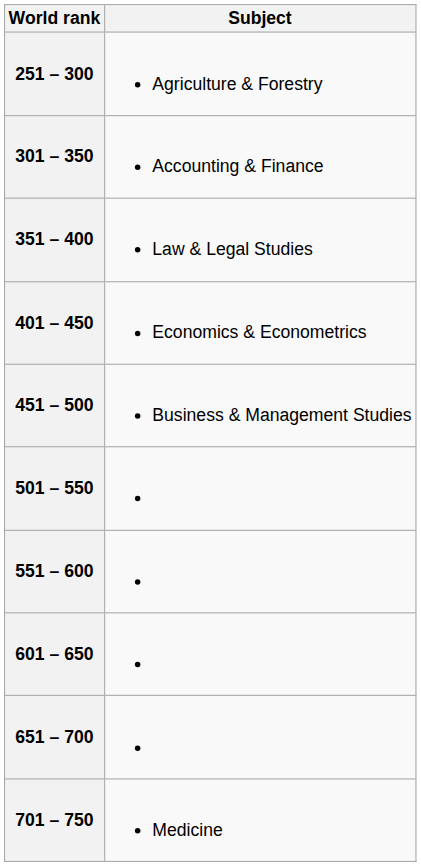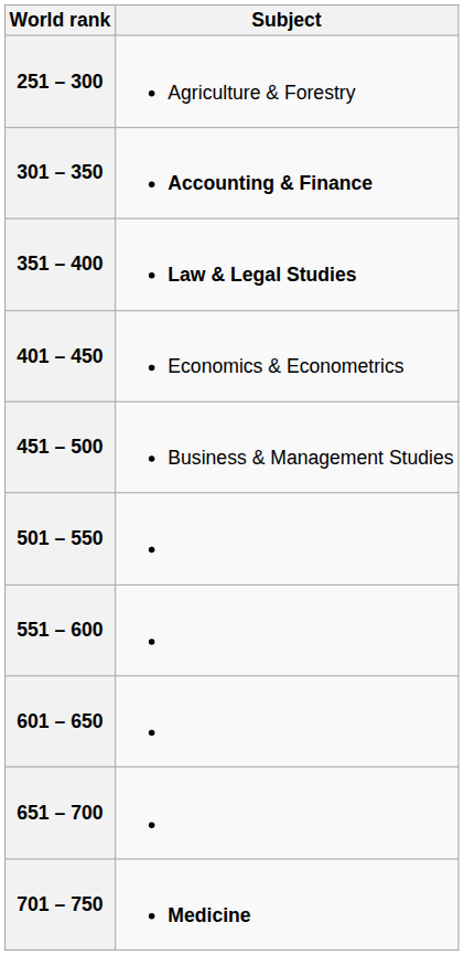 <table class="wikitable">
 <tr>
 <th>World rank</th>
 <th>Subject</th>
 </tr>
 <tr>
 <th><strong>251 – 300</strong></th>
 <td><br><ul><li>Agriculture & Forestry</li></ul></td>
 </tr>
 <tr>
 <th><strong>301 – 350</strong></th>
-<td><br><ul><li>Accounting & Finance</li></ul></td>
+<td><strong><br><ul><li>Accounting & Finance</li></ul></strong></td>
 </tr>
 <tr>
 <th><strong>351 – 400</strong></th>
-<td><br><ul><li>Law & Legal Studies</li></ul></td>
+<td><strong><br><ul><li>Law & Legal Studies</li></ul></strong></td>
 </tr>
 <tr>
 <th><strong>401 – 450</strong></th>
 <td><br><ul><li>Economics & Econometrics</li></ul></td>
 </tr>
 <tr>
 <th><strong>451 – 500</strong></th>
 <td><br><ul><li>Business & Management Studies</li></ul></td>
 </tr>
 <tr>
 <th><strong>501 – 550</strong></th>
 <td><br><ul><li></li></ul></td>
 </tr>
 <tr>
 <th><strong>551 – 600</strong></th>
 <td><br><ul><li></li></ul></td>
 </tr>
 <tr>
 <th><strong>601 – 650</strong></th>
 <td><br><ul><li></li></ul></td>
 </tr>
 <tr>
 <th><strong>651 – 700</strong></th>
 <td><br><ul><li></li></ul></td>
 </tr>
 <tr>
 <th><strong>701 – 750</strong></th>
-<td><br><ul><li>Medicine</li></ul></td>
+<td><strong><br><ul><li>Medicine</li></ul></strong></td>
 </tr>
 </table>
